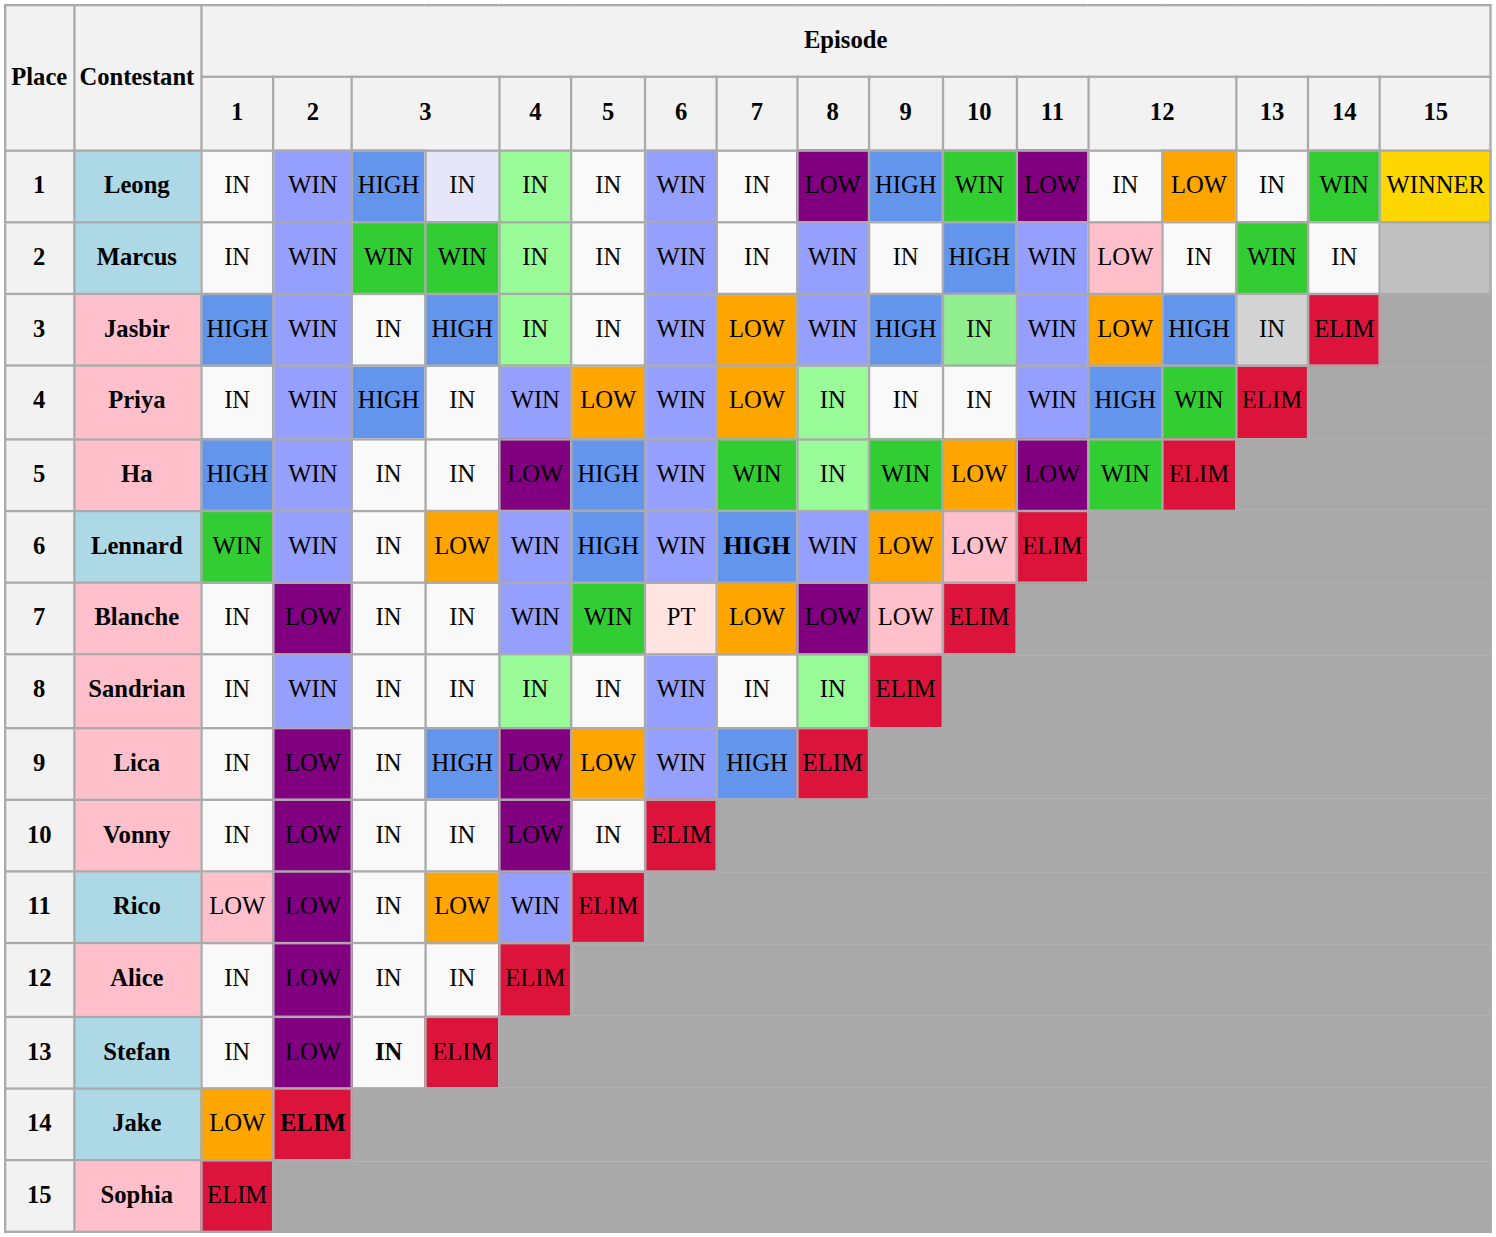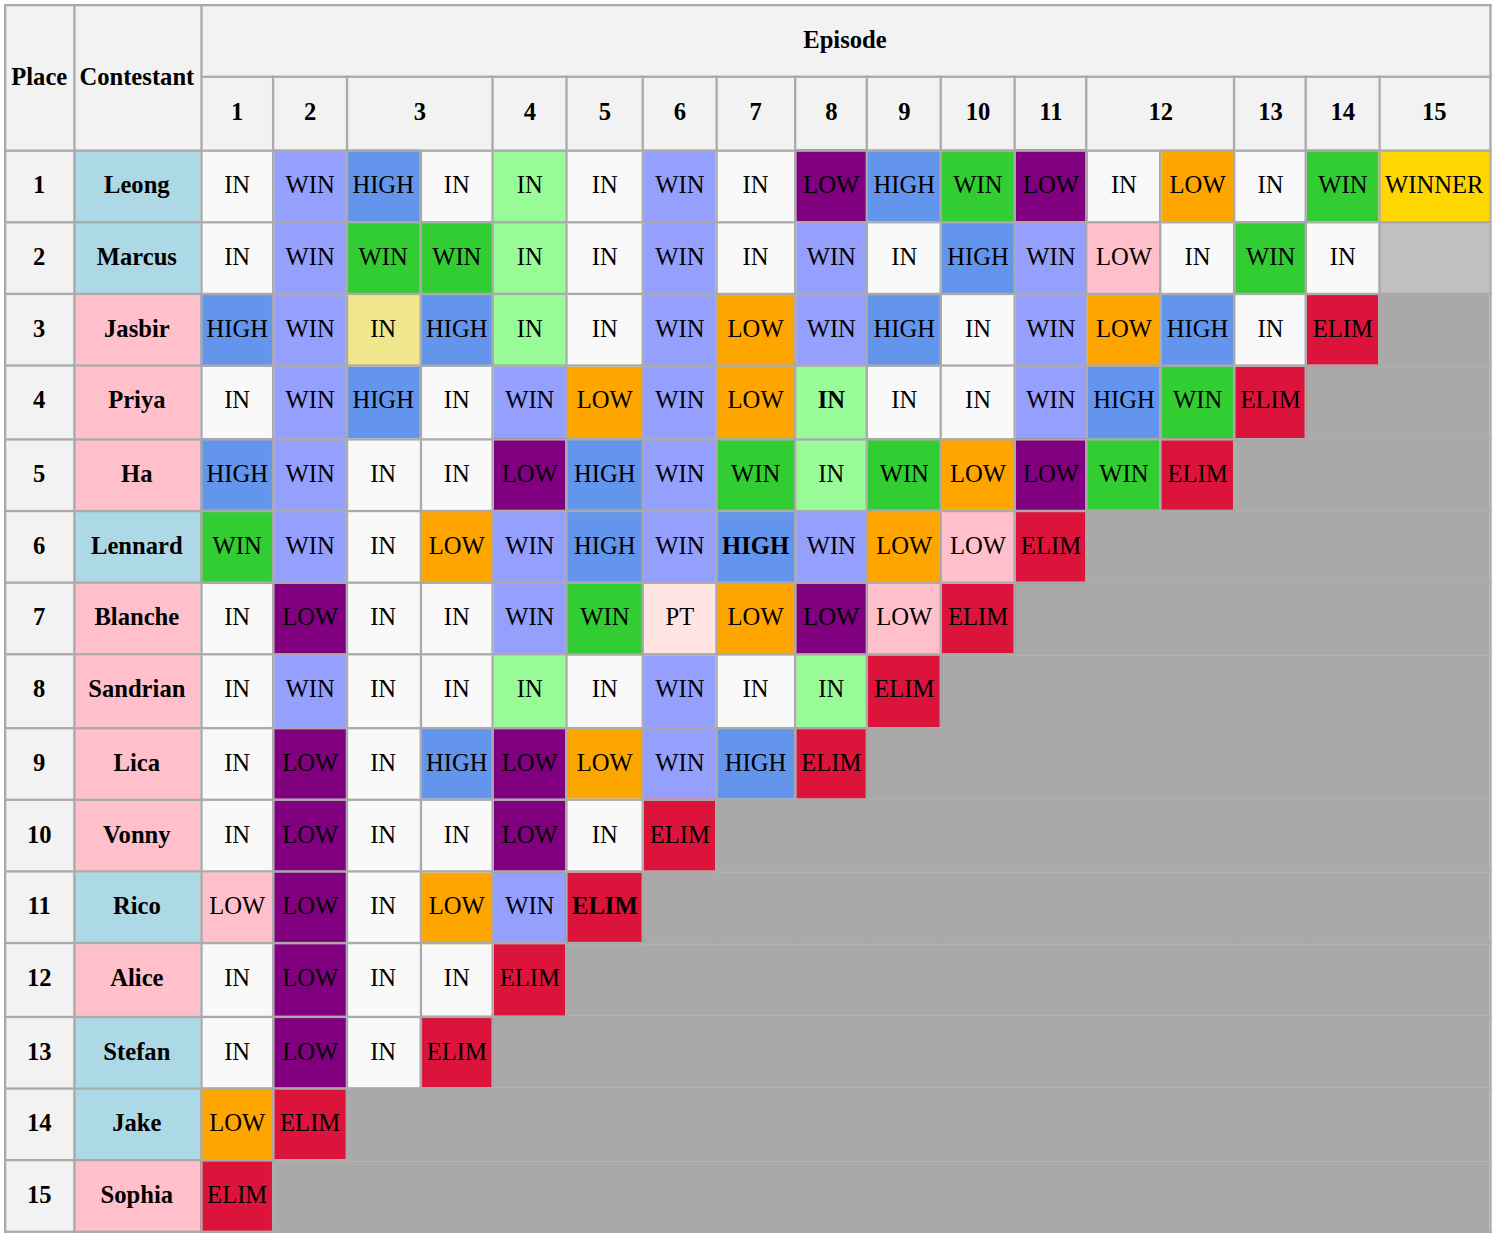 <table class="wikitable" style="text-align: center; font-size: 8pt; line-height:26px;">
 <tr>
 <th rowspan="2">Place</th>
 <th rowspan="2">Contestant</th>
 <th colspan="17">Episode</th>
 </tr>
 <tr>
 <th>1</th>
 <th>2</th>
 <th colspan="2">3</th>
 <th>4</th>
 <th>5</th>
 <th>6</th>
 <th>7</th>
 <th>8</th>
 <th>9</th>
 <th>10</th>
 <th>11</th>
 <th colspan="2">12</th>
 <th>13</th>
 <th>14</th>
 <th>15</th>
 </tr>
 <tr>
 <th>1</th>
 <th style="background:lightblue;">Leong</th>
 <td>IN</td>
 <td style="background:#959FFD">WIN</td>
 <td style="background:cornflowerblue">HIGH</td>
-<td style="background: lavender;">IN</td>
+<td>IN</td>
 <td style="background:palegreen">IN</td>
 <td>IN</td>
 <td style="background:#959FFD">WIN</td>
 <td>IN</td>
 <td style="background:purple">LOW</td>
 <td style="background:cornflowerblue">HIGH</td>
 <td style="background:limegreen">WIN</td>
 <td style="background:purple">LOW</td>
 <td>IN</td>
 <td style="background:orange">LOW</td>
 <td>IN</td>
 <td style="background:limegreen">WIN</td>
 <td style="background:gold;">WINNER</td>
 </tr>
 <tr>
 <th>2</th>
 <th style="background:lightblue;">Marcus</th>
 <td>IN</td>
 <td style="background:#959FFD">WIN</td>
 <td style="background:limegreen">WIN</td>
 <td style="background:limegreen">WIN</td>
 <td style="background:palegreen">IN</td>
 <td>IN</td>
 <td style="background:#959FFD">WIN</td>
 <td>IN</td>
 <td style="background:#959FFD">WIN</td>
 <td>IN</td>
 <td style="background:cornflowerblue">HIGH</td>
 <td style="background:#959FFD">WIN</td>
 <td style="background:pink">LOW</td>
 <td>IN</td>
 <td style="background:limegreen">WIN</td>
 <td>IN</td>
 <td style="background:silver;"></td>
 </tr>
 <tr>
 <th>3</th>
 <th style="background:pink;">Jasbir</th>
 <td style="background:cornflowerblue">HIGH</td>
 <td style="background:#959FFD">WIN</td>
-<td>IN</td>
+<td style="background: khaki;">IN</td>
 <td style="background:cornflowerblue">HIGH</td>
 <td style="background:palegreen">IN</td>
 <td>IN</td>
 <td style="background:#959FFD">WIN</td>
 <td style="background:orange">LOW</td>
 <td style="background:#959FFD">WIN</td>
 <td style="background:cornflowerblue">HIGH</td>
-<td style="background: lightgreen;">IN</td>
+<td>IN</td>
 <td style="background:#959FFD">WIN</td>
 <td style="background:orange">LOW</td>
 <td style="background:cornflowerblue">HIGH</td>
-<td style="background: lightgrey;">IN</td>
+<td>IN</td>
 <td style="background:crimson">ELIM</td>
 <td style="background:darkgrey"></td>
 </tr>
 <tr>
 <th>4</th>
 <th style="background:pink;">Priya</th>
 <td>IN</td>
 <td style="background:#959FFD">WIN</td>
 <td style="background:cornflowerblue">HIGH</td>
 <td>IN</td>
 <td style="background:#959FFD">WIN</td>
 <td style="background:orange">LOW</td>
 <td style="background:#959FFD">WIN</td>
 <td style="background:orange">LOW</td>
-<td style="background:palegreen">IN</td>
+<td style="background:palegreen"><strong>IN</strong></td>
 <td>IN</td>
 <td>IN</td>
 <td style="background:#959FFD">WIN</td>
 <td style="background:cornflowerblue">HIGH</td>
 <td style="background:limegreen">WIN</td>
 <td style="background:crimson">ELIM</td>
 <td colspan="2" style="background:darkgrey"></td>
 </tr>
 <tr>
 <th>5</th>
 <th style="background:pink;">Ha</th>
 <td style="background:cornflowerblue">HIGH</td>
 <td style="background:#959FFD">WIN</td>
 <td>IN</td>
 <td>IN</td>
 <td style="background:purple">LOW</td>
 <td style="background:cornflowerblue">HIGH</td>
 <td style="background:#959FFD">WIN</td>
 <td style="background:limegreen">WIN</td>
 <td style="background:palegreen">IN</td>
 <td style="background:limegreen">WIN</td>
 <td style="background:orange">LOW</td>
 <td style="background:purple">LOW</td>
 <td style="background:limegreen">WIN</td>
 <td style="background:crimson">ELIM</td>
 <td colspan="3" style="background:darkgrey"></td>
 </tr>
 <tr>
 <th>6</th>
 <th style="background:lightblue">Lennard</th>
 <td style="background:limegreen">WIN</td>
 <td style="background:#959FFD">WIN</td>
 <td>IN</td>
 <td style="background:orange">LOW</td>
 <td style="background:#959FFD">WIN</td>
 <td style="background:cornflowerblue">HIGH</td>
 <td style="background:#959FFD">WIN</td>
 <td style="background:cornflowerblue"><strong>HIGH</strong></td>
 <td style="background:#959FFD">WIN</td>
 <td style="background:orange">LOW</td>
 <td style="background:pink">LOW</td>
 <td style="background:crimson">ELIM</td>
 <td colspan="5" style="background:darkgrey"></td>
 </tr>
 <tr>
 <th>7</th>
 <th style="background:pink">Blanche</th>
 <td>IN</td>
 <td style="background:purple">LOW</td>
 <td>IN</td>
 <td>IN</td>
 <td style="background:#959FFD">WIN</td>
 <td style="background:limegreen">WIN</td>
 <td style="background:mistyrose">PT</td>
 <td style="background:orange">LOW</td>
 <td style="background:purple">LOW</td>
 <td style="background:pink">LOW</td>
 <td style="background:crimson">ELIM</td>
 <td colspan="6" style="background:darkgrey"></td>
 </tr>
 <tr>
 <th>8</th>
 <th style="background:pink">Sandrian</th>
 <td>IN</td>
 <td style="background:#959FFD">WIN</td>
 <td>IN</td>
 <td>IN</td>
 <td style="background:palegreen">IN</td>
 <td>IN</td>
 <td style="background:#959FFD">WIN</td>
 <td>IN</td>
 <td style="background:palegreen">IN</td>
 <td style="background:crimson">ELIM</td>
 <td colspan="7" style="background:darkgrey"></td>
 </tr>
 <tr>
 <th>9</th>
 <th style="background:pink">Lica</th>
 <td>IN</td>
 <td style="background:purple">LOW</td>
 <td>IN</td>
 <td style="background:cornflowerblue">HIGH</td>
 <td style="background:purple">LOW</td>
 <td style="background:orange">LOW</td>
 <td style="background:#959FFD">WIN</td>
 <td style="background:cornflowerblue">HIGH</td>
 <td style="background:crimson">ELIM</td>
 <td colspan="8" style="background:darkgrey"></td>
 </tr>
 <tr>
 <th>10</th>
 <th style="background:pink">Vonny</th>
 <td>IN</td>
 <td style="background:purple">LOW</td>
 <td>IN</td>
 <td>IN</td>
 <td style="background:purple">LOW</td>
 <td>IN</td>
 <td style="background:crimson">ELIM</td>
 <td colspan="10" style="background:darkgrey"></td>
 </tr>
 <tr>
 <th>11</th>
 <th style="background:lightblue">Rico</th>
 <td style="background:pink">LOW</td>
 <td style="background:purple">LOW</td>
 <td>IN</td>
 <td style="background:orange">LOW</td>
 <td style="background:#959FFD">WIN</td>
-<td style="background:crimson">ELIM</td>
+<td style="background:crimson"><strong>ELIM</strong></td>
 <td colspan="11" style="background:darkgrey"></td>
 </tr>
 <tr>
 <th>12</th>
 <th style="background:pink">Alice</th>
 <td>IN</td>
 <td style="background:purple">LOW</td>
 <td>IN</td>
 <td>IN</td>
 <td style="background:crimson">ELIM</td>
 <td colspan="12" style="background:darkgrey"></td>
 </tr>
 <tr>
 <th>13</th>
 <th style="background:lightblue">Stefan</th>
 <td>IN</td>
 <td style="background:purple">LOW</td>
-<td><strong>IN</strong></td>
+<td>IN</td>
 <td style="background:crimson">ELIM</td>
 <td colspan="13" style="background:darkgrey"></td>
 </tr>
 <tr>
 <th>14</th>
 <th style="background:lightblue">Jake</th>
 <td style="background:orange">LOW</td>
-<td style="background:crimson"><strong>ELIM</strong></td>
+<td style="background:crimson">ELIM</td>
 <td colspan="15" style="background:darkgrey"></td>
 </tr>
 <tr>
 <th>15</th>
 <th style="background:pink">Sophia</th>
 <td style="background:crimson">ELIM</td>
 <td colspan="16" style="background:darkgrey"></td>
 </tr>
 </table>
